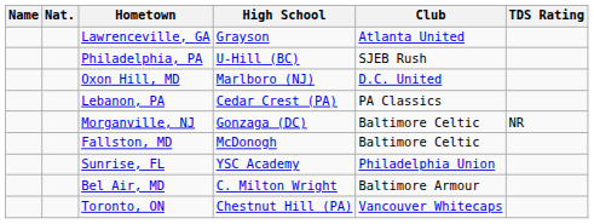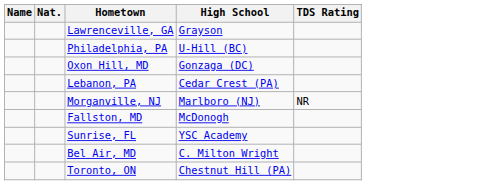 <table class="wikitable" style="font-size:90%;" border="1">
 <tr>
 <th>Name</th>
 <th>Nat.</th>
 <th>Hometown</th>
 <th>High School</th>
-<th>Club</th>
 <th>TDS Rating</th>
 </tr>
 <tr>
 <td></td>
 <td></td>
 <td><a href='#'>Lawrenceville, GA</a></td>
 <td><a href='#'>Grayson</a></td>
-<td><a href='#'>Atlanta United</a></td>
 <td></td>
 </tr>
 <tr>
 <td></td>
 <td></td>
 <td><a href='#'>Philadelphia, PA</a></td>
 <td><a href='#'>U-Hill (BC)</a></td>
-<td>SJEB Rush</td>
 <td></td>
 </tr>
 <tr>
 <td></td>
 <td></td>
 <td><a href='#'>Oxon Hill, MD</a></td>
-<td><a href='#'>Marlboro (NJ)</a></td>
-<td><a href='#'>D.C. United</a></td>
+<td><a href='#'>Gonzaga (DC)</a></td>
 <td></td>
 </tr>
 <tr>
 <td></td>
 <td></td>
 <td><a href='#'>Lebanon, PA</a></td>
 <td><a href='#'>Cedar Crest (PA)</a></td>
-<td>PA Classics</td>
 <td></td>
 </tr>
 <tr>
 <td></td>
 <td></td>
 <td><a href='#'>Morganville, NJ</a></td>
-<td><a href='#'>Gonzaga (DC)</a></td>
-<td>Baltimore Celtic</td>
+<td><a href='#'>Marlboro (NJ)</a></td>
 <td>NR</td>
 </tr>
 <tr>
 <td></td>
 <td></td>
 <td><a href='#'>Fallston, MD</a></td>
 <td><a href='#'>McDonogh</a></td>
-<td>Baltimore Celtic</td>
 <td></td>
 </tr>
 <tr>
 <td></td>
 <td></td>
 <td><a href='#'>Sunrise, FL</a></td>
 <td><a href='#'>YSC Academy</a></td>
-<td><a href='#'>Philadelphia Union</a></td>
 <td></td>
 </tr>
 <tr>
 <td></td>
 <td></td>
 <td><a href='#'>Bel Air, MD</a></td>
 <td><a href='#'>C. Milton Wright</a></td>
-<td>Baltimore Armour</td>
 <td></td>
 </tr>
 <tr>
 <td></td>
 <td></td>
 <td><a href='#'>Toronto, ON</a></td>
 <td><a href='#'>Chestnut Hill (PA)</a></td>
-<td><a href='#'>Vancouver Whitecaps</a></td>
 <td></td>
 </tr>
 </table>
